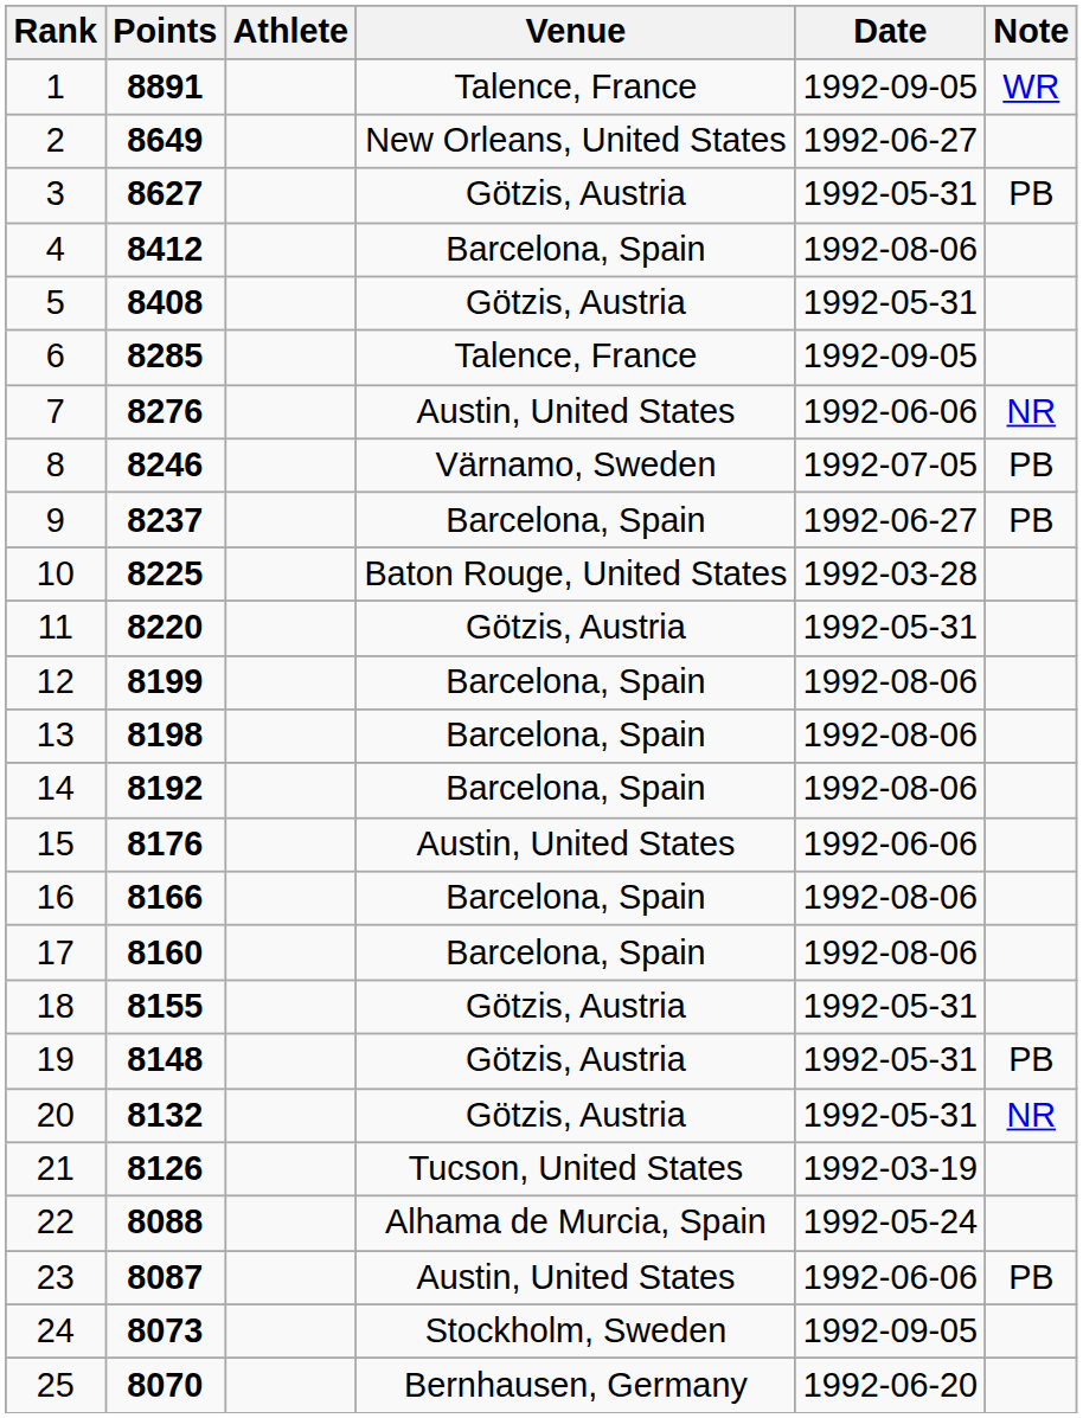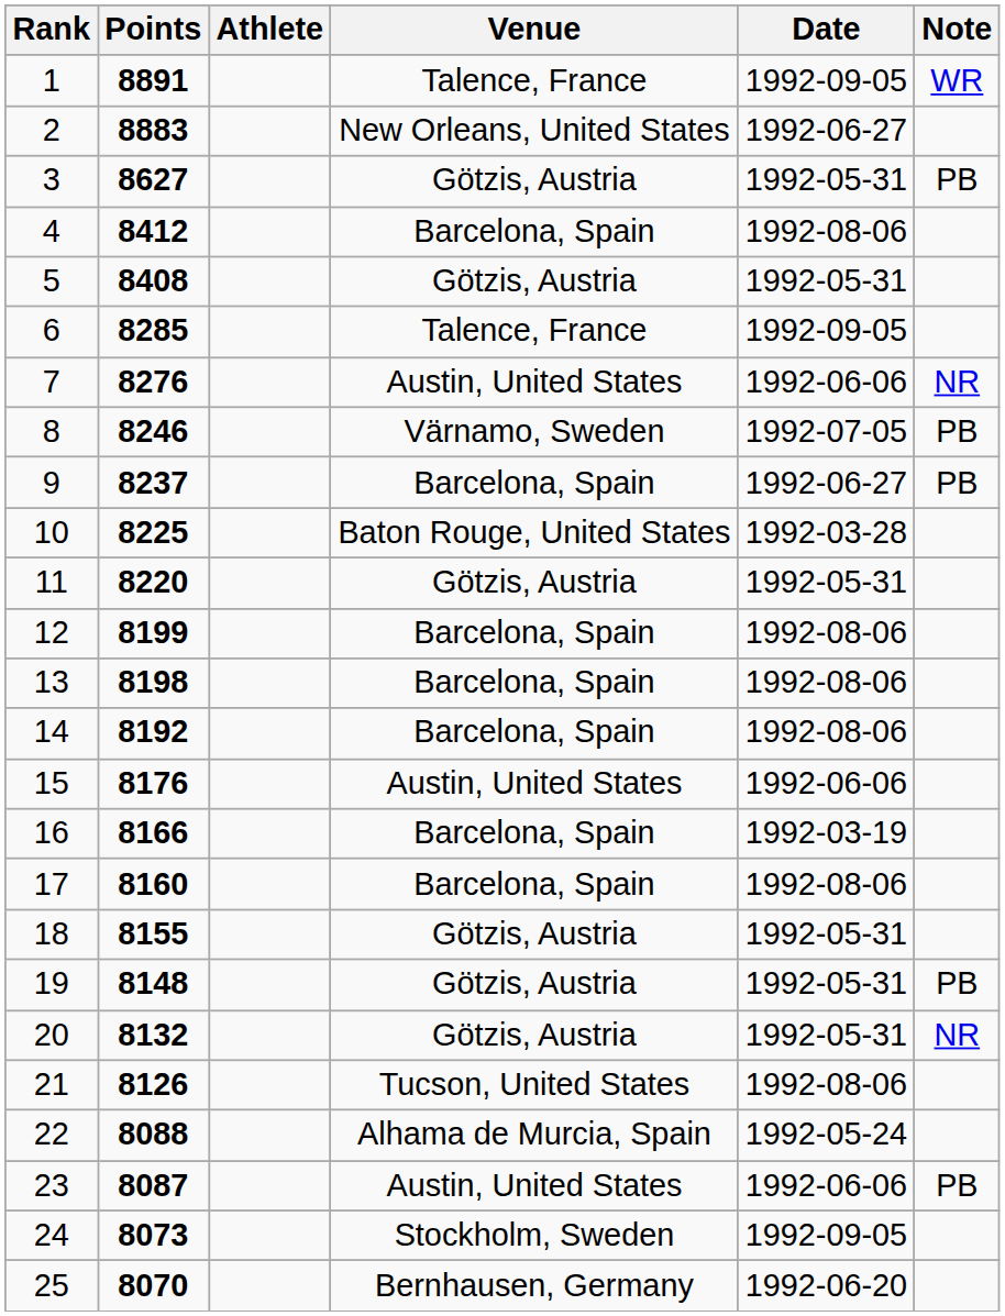 <table class="wikitable" style=" text-align:center;">
 <tr>
 <th>Rank</th>
 <th>Points</th>
 <th>Athlete</th>
 <th>Venue</th>
 <th>Date</th>
 <th>Note</th>
 </tr>
 <tr>
 <td>1</td>
 <td><strong>8891</strong></td>
 <td align=left></td>
 <td>Talence, France</td>
 <td>1992-09-05</td>
 <td><a href='#'>WR</a></td>
 </tr>
 <tr>
 <td>2</td>
-<td><strong>8649</strong></td>
+<td><strong>8883</strong></td>
 <td align=left></td>
 <td>New Orleans, United States</td>
 <td>1992-06-27</td>
 <td></td>
 </tr>
 <tr>
 <td>3</td>
 <td><strong>8627</strong></td>
 <td align=left></td>
 <td>Götzis, Austria</td>
 <td>1992-05-31</td>
 <td>PB</td>
 </tr>
 <tr>
 <td>4</td>
 <td><strong>8412</strong></td>
 <td align=left></td>
 <td>Barcelona, Spain</td>
 <td>1992-08-06</td>
 <td></td>
 </tr>
 <tr>
 <td>5</td>
 <td><strong>8408</strong></td>
 <td align=left></td>
 <td>Götzis, Austria</td>
 <td>1992-05-31</td>
 <td></td>
 </tr>
 <tr>
 <td>6</td>
 <td><strong>8285</strong></td>
 <td align=left></td>
 <td>Talence, France</td>
 <td>1992-09-05</td>
 <td></td>
 </tr>
 <tr>
 <td>7</td>
 <td><strong>8276</strong></td>
 <td align=left></td>
 <td>Austin, United States</td>
 <td>1992-06-06</td>
 <td><a href='#'>NR</a></td>
 </tr>
 <tr>
 <td>8</td>
 <td><strong>8246</strong></td>
 <td align=left></td>
 <td>Värnamo, Sweden</td>
 <td>1992-07-05</td>
 <td>PB</td>
 </tr>
 <tr>
 <td>9</td>
 <td><strong>8237</strong></td>
 <td align=left></td>
 <td>Barcelona, Spain</td>
 <td>1992-06-27</td>
 <td>PB</td>
 </tr>
 <tr>
 <td>10</td>
 <td><strong>8225</strong></td>
 <td align=left></td>
 <td>Baton Rouge, United States</td>
 <td>1992-03-28</td>
 <td></td>
 </tr>
 <tr>
 <td>11</td>
 <td><strong>8220</strong></td>
 <td align=left></td>
 <td>Götzis, Austria</td>
 <td>1992-05-31</td>
 <td></td>
 </tr>
 <tr>
 <td>12</td>
 <td><strong>8199</strong></td>
 <td align=left></td>
 <td>Barcelona, Spain</td>
 <td>1992-08-06</td>
 <td></td>
 </tr>
 <tr>
 <td>13</td>
 <td><strong>8198</strong></td>
 <td align=left></td>
 <td>Barcelona, Spain</td>
 <td>1992-08-06</td>
 <td></td>
 </tr>
 <tr>
 <td>14</td>
 <td><strong>8192</strong></td>
 <td align=left></td>
 <td>Barcelona, Spain</td>
 <td>1992-08-06</td>
 <td></td>
 </tr>
 <tr>
 <td>15</td>
 <td><strong>8176</strong></td>
 <td align=left></td>
 <td>Austin, United States</td>
 <td>1992-06-06</td>
 <td></td>
 </tr>
 <tr>
 <td>16</td>
 <td><strong>8166</strong></td>
 <td align=left></td>
 <td>Barcelona, Spain</td>
-<td>1992-08-06</td>
+<td>1992-03-19</td>
 <td></td>
 </tr>
 <tr>
 <td>17</td>
 <td><strong>8160</strong></td>
 <td align=left></td>
 <td>Barcelona, Spain</td>
 <td>1992-08-06</td>
 <td></td>
 </tr>
 <tr>
 <td>18</td>
 <td><strong>8155</strong></td>
 <td align=left></td>
 <td>Götzis, Austria</td>
 <td>1992-05-31</td>
 <td></td>
 </tr>
 <tr>
 <td>19</td>
 <td><strong>8148</strong></td>
 <td align=left></td>
 <td>Götzis, Austria</td>
 <td>1992-05-31</td>
 <td>PB</td>
 </tr>
 <tr>
 <td>20</td>
 <td><strong>8132</strong></td>
 <td align=left></td>
 <td>Götzis, Austria</td>
 <td>1992-05-31</td>
 <td><a href='#'>NR</a></td>
 </tr>
 <tr>
 <td>21</td>
 <td><strong>8126</strong></td>
 <td align=left></td>
 <td>Tucson, United States</td>
-<td>1992-03-19</td>
+<td>1992-08-06</td>
 <td></td>
 </tr>
 <tr>
 <td>22</td>
 <td><strong>8088</strong></td>
 <td align=left></td>
 <td>Alhama de Murcia, Spain</td>
 <td>1992-05-24</td>
 <td></td>
 </tr>
 <tr>
 <td>23</td>
 <td><strong>8087</strong></td>
 <td align=left></td>
 <td>Austin, United States</td>
 <td>1992-06-06</td>
 <td>PB</td>
 </tr>
 <tr>
 <td>24</td>
 <td><strong>8073</strong></td>
 <td align=left></td>
 <td>Stockholm, Sweden</td>
 <td>1992-09-05</td>
 <td></td>
 </tr>
 <tr>
 <td>25</td>
 <td><strong>8070</strong></td>
 <td align=left></td>
 <td>Bernhausen, Germany</td>
 <td>1992-06-20</td>
 <td></td>
 </tr>
 </table>
